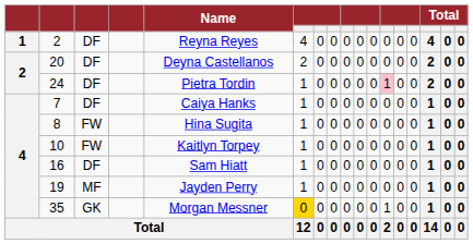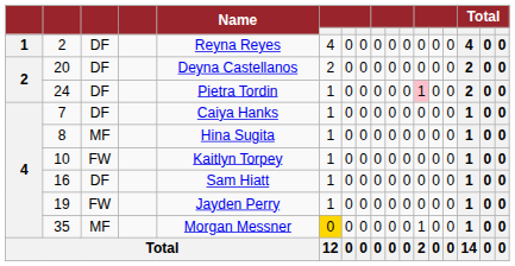 <table class="wikitable sortable" style="text-align:center;">
 <tr>
 <th rowspan="2" style="background:#99242B; color:#FFFFFF; width:35px;" scope="col"></th>
 <th rowspan="2" style="background:#99242B; color:#FFFFFF; width:35px;" scope="col"></th>
 <th rowspan="2" style="background:#99242B; color:#FFFFFF; width:35px;" scope="col"></th>
 <th rowspan="2"  style="background:#99242B; color:#FFFFFF; width:35px;" scope="col"></th>
 <th rowspan="2"  style="background:#99242B; color:#FFFFFF; width:175px;" scope="col">Name</th>
 <th colspan="3" style="background:#99242B; color:#FFFFFF;"></th>
 <th colspan="3" style="background:#99242B; color:#FFFFFF;"></th>
 <th colspan="3" style="background:#99242B; color:#FFFFFF;"></th>
 <th colspan="3" style="background:#99242B; color:#FFFFFF;">Total</th>
 </tr>
 <tr>
 <th></th>
 <th></th>
 <th></th>
 <th></th>
 <th></th>
 <th></th>
 <th></th>
 <th></th>
 <th></th>
 <th></th>
 <th></th>
 <th></th>
 </tr>
 <tr>
 <th>1</th>
 <td>2</td>
 <td>DF</td>
 <td></td>
 <td><a href='#'>Reyna Reyes</a></td>
 <td>4</td>
 <td>0</td>
 <td>0</td>
 <td>0</td>
 <td>0</td>
 <td>0</td>
 <td>0</td>
 <td>0</td>
 <td>0</td>
 <th>4</th>
 <th>0</th>
 <th>0</th>
 </tr>
 <tr>
 <th rowspan=2>2</th>
 <td>20</td>
 <td>DF</td>
 <td></td>
 <td><a href='#'>Deyna Castellanos</a></td>
 <td>2</td>
 <td>0</td>
 <td>0</td>
 <td>0</td>
 <td>0</td>
 <td>0</td>
 <td>0</td>
 <td>0</td>
 <td>0</td>
 <th>2</th>
 <th>0</th>
 <th>0</th>
 </tr>
 <tr>
 <td>24</td>
 <td>DF</td>
 <td></td>
 <td><a href='#'>Pietra Tordin</a></td>
 <td>1</td>
 <td>0</td>
 <td>0</td>
 <td>0</td>
 <td>0</td>
 <td>0</td>
 <td style="background: pink;">1</td>
 <td>0</td>
 <td>0</td>
 <th>2</th>
 <th>0</th>
 <th>0</th>
 </tr>
 <tr>
 <th rowspan=6>4</th>
 <td>7</td>
 <td>DF</td>
 <td></td>
 <td><a href='#'>Caiya Hanks</a></td>
 <td>1</td>
 <td>0</td>
 <td>0</td>
 <td>0</td>
 <td>0</td>
 <td>0</td>
 <td>0</td>
 <td>0</td>
 <td>0</td>
 <th>1</th>
 <th>0</th>
 <th>0</th>
 </tr>
 <tr>
 <td>8</td>
-<td>FW</td>
+<td>MF</td>
 <td></td>
 <td><a href='#'>Hina Sugita</a></td>
 <td>1</td>
 <td>0</td>
 <td>0</td>
 <td>0</td>
 <td>0</td>
 <td>0</td>
 <td>0</td>
 <td>0</td>
 <td>0</td>
 <th>1</th>
 <th>0</th>
 <th>0</th>
 </tr>
 <tr>
 <td>10</td>
 <td>FW</td>
 <td></td>
 <td><a href='#'>Kaitlyn Torpey</a></td>
 <td>1</td>
 <td>0</td>
 <td>0</td>
 <td>0</td>
 <td>0</td>
 <td>0</td>
 <td>0</td>
 <td>0</td>
 <td>0</td>
 <th>1</th>
 <th>0</th>
 <th>0</th>
 </tr>
 <tr>
 <td>16</td>
 <td>DF</td>
 <td></td>
 <td><a href='#'>Sam Hiatt</a></td>
 <td>1</td>
 <td>0</td>
 <td>0</td>
 <td>0</td>
 <td>0</td>
 <td>0</td>
 <td>0</td>
 <td>0</td>
 <td>0</td>
 <th>1</th>
 <th>0</th>
 <th>0</th>
 </tr>
 <tr>
 <td>19</td>
-<td>MF</td>
+<td>FW</td>
 <td></td>
 <td><a href='#'>Jayden Perry</a></td>
 <td>1</td>
 <td>0</td>
 <td>0</td>
 <td>0</td>
 <td>0</td>
 <td>0</td>
 <td>0</td>
 <td>0</td>
 <td>0</td>
 <th>1</th>
 <th>0</th>
 <th>0</th>
 </tr>
 <tr>
 <td>35</td>
-<td>GK</td>
+<td>MF</td>
 <td></td>
 <td><a href='#'>Morgan Messner</a></td>
 <td style="background: gold;">0</td>
 <td>0</td>
 <td>0</td>
 <td>0</td>
 <td>0</td>
 <td>0</td>
 <td>1</td>
 <td>0</td>
 <td>0</td>
 <th>1</th>
 <th>0</th>
 <th>0</th>
 </tr>
 <tr>
 <th colspan="5">Total</th>
 <th>12</th>
 <th>0</th>
 <th>0</th>
 <th>0</th>
 <th>0</th>
 <th>0</th>
 <th>2</th>
 <th>0</th>
 <th>0</th>
 <th>14</th>
 <th>0</th>
 <th>0</th>
 </tr>
 </table>
